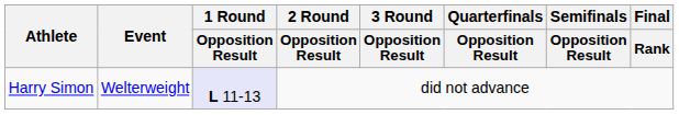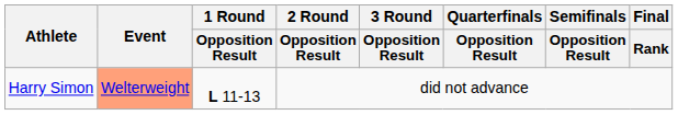 <table class="wikitable" style="font-size:90%">
 <tr>
 <th rowspan="2">Athlete</th>
 <th rowspan="2">Event</th>
 <th>1 Round</th>
 <th>2 Round</th>
 <th>3 Round</th>
 <th>Quarterfinals</th>
 <th>Semifinals</th>
 <th colspan=2>Final</th>
 </tr>
 <tr style="font-size:95%">
 <th>Opposition<br>Result</th>
 <th>Opposition<br>Result</th>
 <th>Opposition<br>Result</th>
 <th>Opposition<br>Result</th>
 <th>Opposition<br>Result</th>
 <th>Rank</th>
 </tr>
 <tr align=center>
 <td align=left><a href='#'>Harry Simon</a></td>
-<td align=left><a href='#'>Welterweight</a></td>
-<td style="background: lavender;"><br><strong>L</strong> 11-13</td>
+<td align=left style="background: lightsalmon;"><a href='#'>Welterweight</a></td>
+<td><br><strong>L</strong> 11-13</td>
 <td colspan=6>did not advance</td>
 </tr>
 </table>
